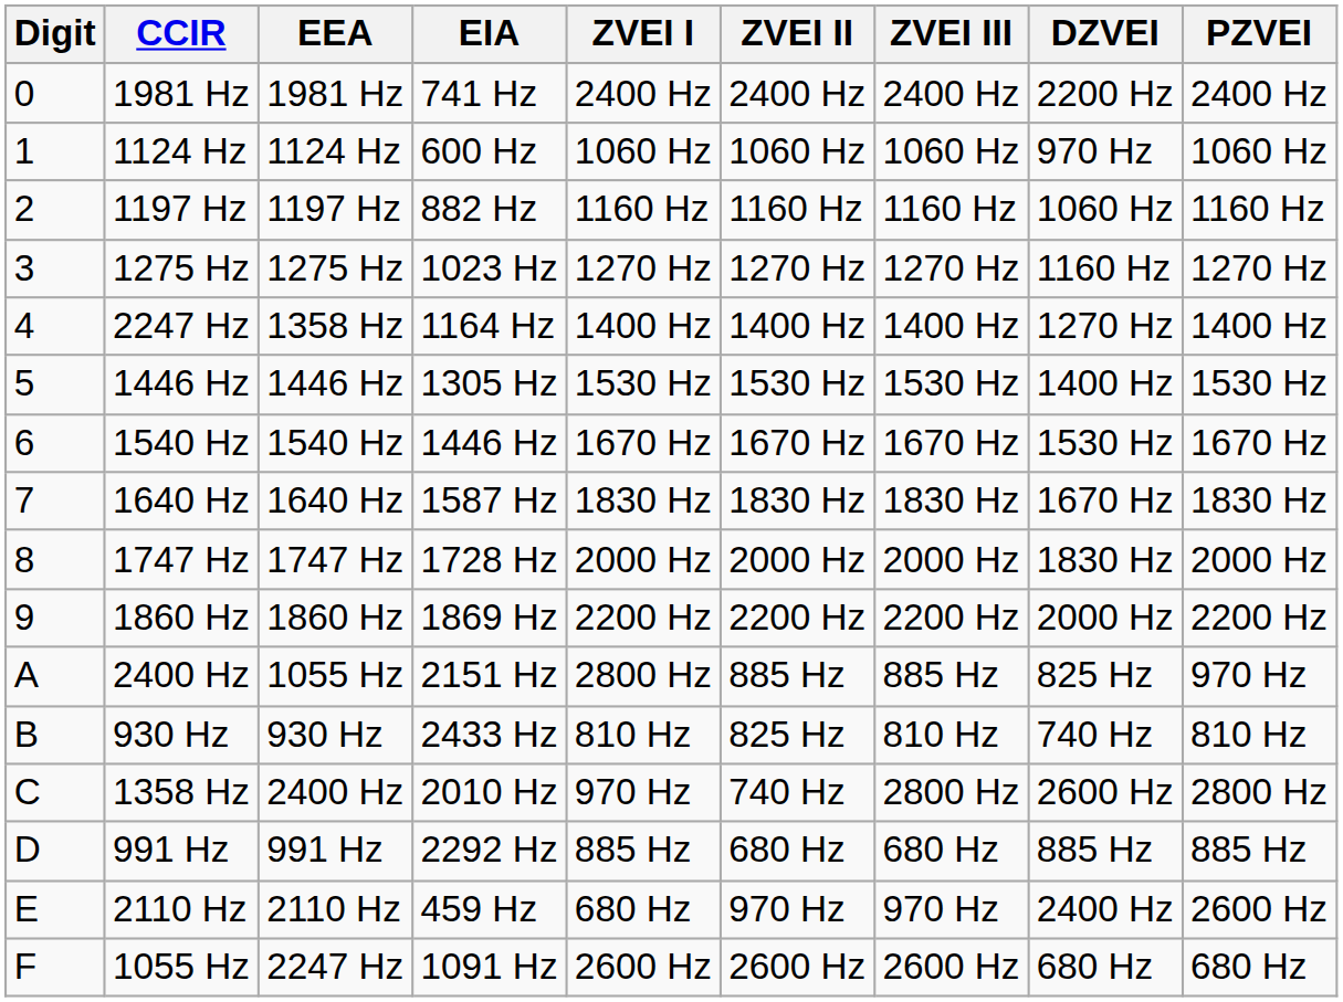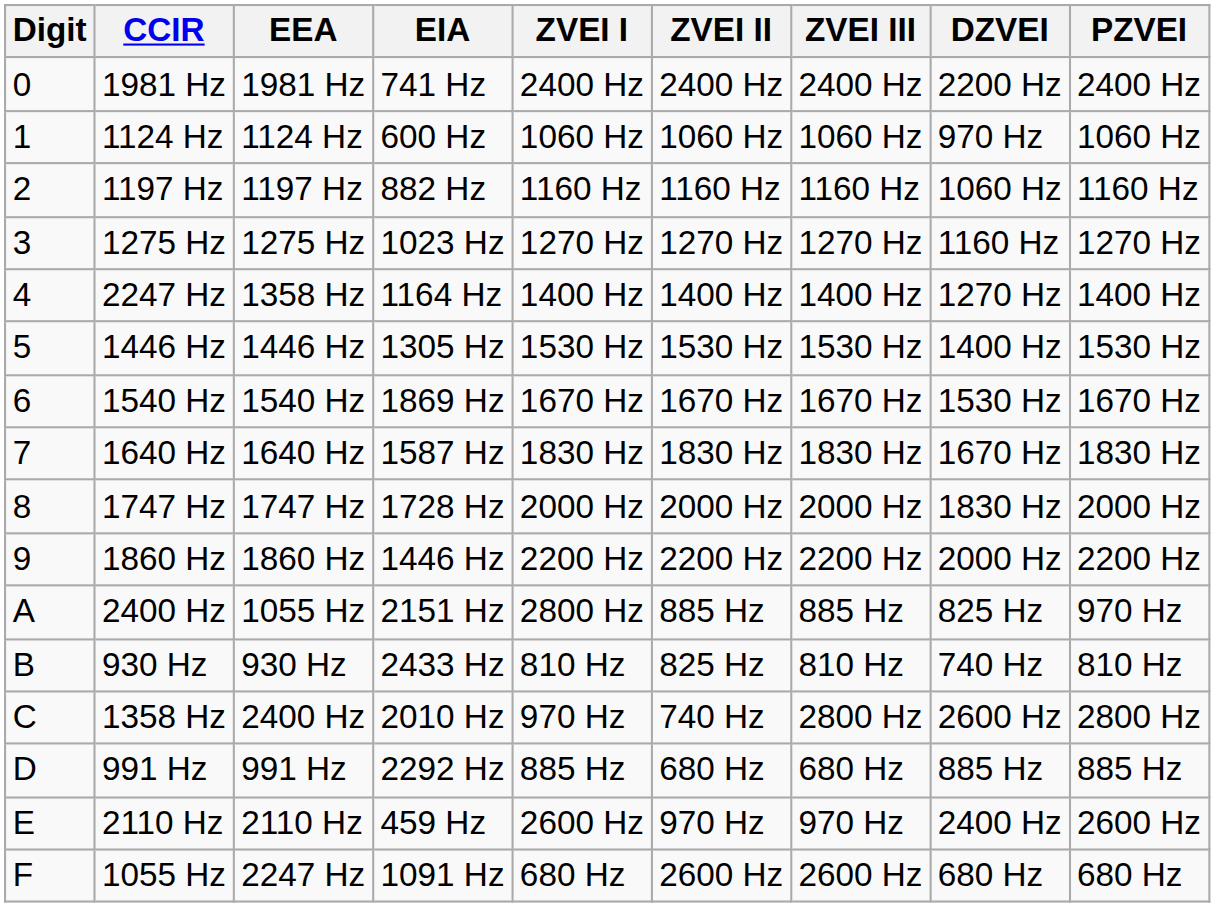 <table class="wikitable sortable">
 <tr>
 <th>Digit</th>
 <th><a href='#'>CCIR</a></th>
 <th>EEA</th>
 <th>EIA</th>
 <th>ZVEI I</th>
 <th>ZVEI II</th>
 <th>ZVEI III</th>
 <th>DZVEI</th>
 <th>PZVEI</th>
 </tr>
 <tr>
 <td>0</td>
 <td>1981 Hz</td>
 <td>1981 Hz</td>
 <td>741 Hz</td>
 <td>2400 Hz</td>
 <td>2400 Hz</td>
 <td>2400 Hz</td>
 <td>2200 Hz</td>
 <td>2400 Hz</td>
 </tr>
 <tr>
 <td>1</td>
 <td>1124 Hz</td>
 <td>1124 Hz</td>
 <td>600 Hz</td>
 <td>1060 Hz</td>
 <td>1060 Hz</td>
 <td>1060 Hz</td>
 <td>970 Hz</td>
 <td>1060 Hz</td>
 </tr>
 <tr>
 <td>2</td>
 <td>1197 Hz</td>
 <td>1197 Hz</td>
 <td>882 Hz</td>
 <td>1160 Hz</td>
 <td>1160 Hz</td>
 <td>1160 Hz</td>
 <td>1060 Hz</td>
 <td>1160 Hz</td>
 </tr>
 <tr>
 <td>3</td>
 <td>1275 Hz</td>
 <td>1275 Hz</td>
 <td>1023 Hz</td>
 <td>1270 Hz</td>
 <td>1270 Hz</td>
 <td>1270 Hz</td>
 <td>1160 Hz</td>
 <td>1270 Hz</td>
 </tr>
 <tr>
 <td>4</td>
 <td>2247 Hz</td>
 <td>1358 Hz</td>
 <td>1164 Hz</td>
 <td>1400 Hz</td>
 <td>1400 Hz</td>
 <td>1400 Hz</td>
 <td>1270 Hz</td>
 <td>1400 Hz</td>
 </tr>
 <tr>
 <td>5</td>
 <td>1446 Hz</td>
 <td>1446 Hz</td>
 <td>1305 Hz</td>
 <td>1530 Hz</td>
 <td>1530 Hz</td>
 <td>1530 Hz</td>
 <td>1400 Hz</td>
 <td>1530 Hz</td>
 </tr>
 <tr>
 <td>6</td>
 <td>1540 Hz</td>
 <td>1540 Hz</td>
-<td>1446 Hz</td>
+<td>1869 Hz</td>
 <td>1670 Hz</td>
 <td>1670 Hz</td>
 <td>1670 Hz</td>
 <td>1530 Hz</td>
 <td>1670 Hz</td>
 </tr>
 <tr>
 <td>7</td>
 <td>1640 Hz</td>
 <td>1640 Hz</td>
 <td>1587 Hz</td>
 <td>1830 Hz</td>
 <td>1830 Hz</td>
 <td>1830 Hz</td>
 <td>1670 Hz</td>
 <td>1830 Hz</td>
 </tr>
 <tr>
 <td>8</td>
 <td>1747 Hz</td>
 <td>1747 Hz</td>
 <td>1728 Hz</td>
 <td>2000 Hz</td>
 <td>2000 Hz</td>
 <td>2000 Hz</td>
 <td>1830 Hz</td>
 <td>2000 Hz</td>
 </tr>
 <tr>
 <td>9</td>
 <td>1860 Hz</td>
 <td>1860 Hz</td>
-<td>1869 Hz</td>
+<td>1446 Hz</td>
 <td>2200 Hz</td>
 <td>2200 Hz</td>
 <td>2200 Hz</td>
 <td>2000 Hz</td>
 <td>2200 Hz</td>
 </tr>
 <tr>
 <td>A</td>
 <td>2400 Hz</td>
 <td>1055 Hz</td>
 <td>2151 Hz</td>
 <td>2800 Hz</td>
 <td>885 Hz</td>
 <td>885 Hz</td>
 <td>825 Hz</td>
 <td>970 Hz</td>
 </tr>
 <tr>
 <td>B</td>
 <td>930 Hz</td>
 <td>930 Hz</td>
 <td>2433 Hz</td>
 <td>810 Hz</td>
 <td>825 Hz</td>
 <td>810 Hz</td>
 <td>740 Hz</td>
 <td>810 Hz</td>
 </tr>
 <tr>
 <td>C</td>
 <td>1358 Hz</td>
 <td>2400 Hz</td>
 <td>2010 Hz</td>
 <td>970 Hz</td>
 <td>740 Hz</td>
 <td>2800 Hz</td>
 <td>2600 Hz</td>
 <td>2800 Hz</td>
 </tr>
 <tr>
 <td>D</td>
 <td>991 Hz</td>
 <td>991 Hz</td>
 <td>2292 Hz</td>
 <td>885 Hz</td>
 <td>680 Hz</td>
 <td>680 Hz</td>
 <td>885 Hz</td>
 <td>885 Hz</td>
 </tr>
 <tr>
 <td>E</td>
 <td>2110 Hz</td>
 <td>2110 Hz</td>
 <td>459 Hz</td>
-<td>680 Hz</td>
+<td>2600 Hz</td>
 <td>970 Hz</td>
 <td>970 Hz</td>
 <td>2400 Hz</td>
 <td>2600 Hz</td>
 </tr>
 <tr>
 <td>F</td>
 <td>1055 Hz</td>
 <td>2247 Hz</td>
 <td>1091 Hz</td>
-<td>2600 Hz</td>
+<td>680 Hz</td>
 <td>2600 Hz</td>
 <td>2600 Hz</td>
 <td>680 Hz</td>
 <td>680 Hz</td>
 </tr>
 </table>
